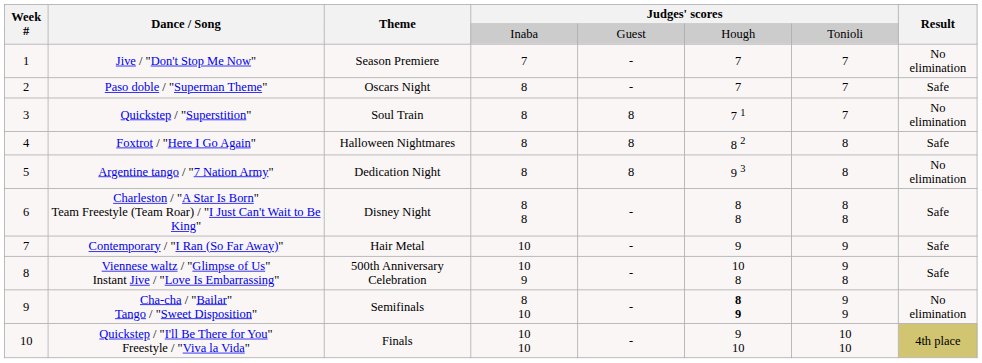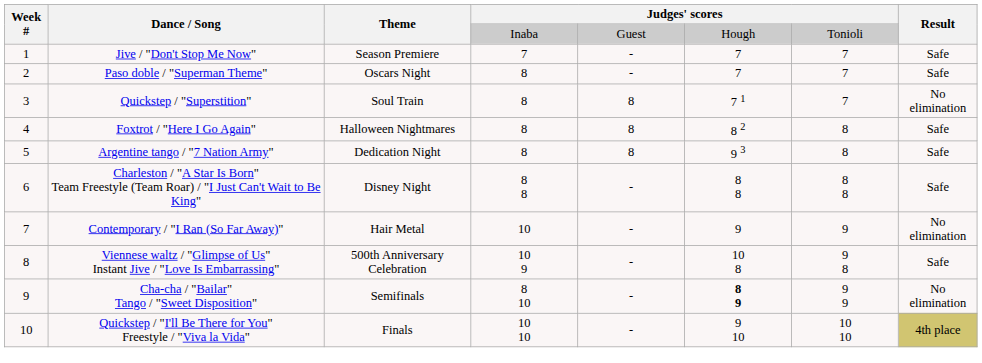 <table class="wikitable collapsible" style="text-align:center;">
 <tr style="text-align:center;">
 <th rowspan="2" bgcolor="#CCCCCC" align="Center">Week #</th>
 <th rowspan="2" bgcolor="#CCCCCC" align="Center">Dance / Song</th>
 <th rowspan="2" bgcolor="#CCCCCC" align="Center">Theme</th>
 <th colspan="4" bgcolor="#CCCCCC" align="Center">Judges' scores</th>
 <th rowspan="2" bgcolor="#CCCCCC" align="Center">Result</th>
 </tr>
 <tr>
 <td bgcolor="#CCCCCC" width="11%" align="center">Inaba</td>
 <td bgcolor="#CCCCCC" width="11%" align="center">Guest</td>
 <td bgcolor="#CCCCCC" width="11%" align="center">Hough</td>
 <td bgcolor="#CCCCCC" width="11%" align="center">Tonioli</td>
 </tr>
 <tr>
 <td bgcolor="FAF6F6">1</td>
 <td align="center" bgcolor="FAF6F6"><a href='#'>Jive</a> / "<a href='#'>Don't Stop Me Now</a>"</td>
 <td bgcolor="FAF6F6">Season Premiere</td>
 <td bgcolor="FAF6F6">7</td>
 <td bgcolor="FAF6F6">-</td>
 <td bgcolor="FAF6F6">7</td>
 <td bgcolor="FAF6F6">7</td>
-<td bgcolor="FAF6F6">No elimination</td>
+<td bgcolor="FAF6F6">Safe</td>
 </tr>
 <tr>
 <td bgcolor="FAF6F6">2</td>
 <td align="center" bgcolor="FAF6F6"><a href='#'>Paso doble</a> / "<a href='#'>Superman Theme</a>"</td>
 <td bgcolor="FAF6F6">Oscars Night</td>
 <td bgcolor="FAF6F6">8</td>
 <td bgcolor="FAF6F6">-</td>
 <td bgcolor="FAF6F6">7</td>
 <td bgcolor="FAF6F6">7</td>
 <td bgcolor="FAF6F6">Safe</td>
 </tr>
 <tr>
 <td bgcolor="FAF6F6">3</td>
 <td align="center" bgcolor="FAF6F6"><a href='#'>Quickstep</a> / "<a href='#'>Superstition</a>"</td>
 <td bgcolor="FAF6F6">Soul Train</td>
 <td bgcolor="FAF6F6">8</td>
 <td bgcolor="FAF6F6">8</td>
 <td bgcolor="FAF6F6">7 <sup>1</sup></td>
 <td bgcolor="FAF6F6">7</td>
 <td bgcolor="FAF6F6">No elimination</td>
 </tr>
 <tr>
 <td bgcolor="FAF6F6">4</td>
 <td align="center" bgcolor="FAF6F6"><a href='#'>Foxtrot</a> / "<a href='#'>Here I Go Again</a>"</td>
 <td bgcolor="FAF6F6">Halloween Nightmares</td>
 <td bgcolor="FAF6F6">8</td>
 <td bgcolor="FAF6F6">8</td>
 <td bgcolor="FAF6F6">8 <sup>2</sup></td>
 <td bgcolor="FAF6F6">8</td>
 <td bgcolor="FAF6F6">Safe</td>
 </tr>
 <tr>
 <td bgcolor="FAF6F6">5</td>
 <td align="center" bgcolor="FAF6F6"><a href='#'>Argentine tango</a> / "<a href='#'>7 Nation Army</a>"</td>
 <td bgcolor="FAF6F6">Dedication Night</td>
 <td bgcolor="FAF6F6">8</td>
 <td bgcolor="FAF6F6">8</td>
 <td bgcolor="FAF6F6">9 <sup>3</sup></td>
 <td bgcolor="FAF6F6">8</td>
-<td bgcolor="FAF6F6">No elimination</td>
+<td bgcolor="FAF6F6">Safe</td>
 </tr>
 <tr>
 <td bgcolor="FAF6F6">6</td>
 <td align="center" bgcolor="FAF6F6"><a href='#'>Charleston</a> / "<a href='#'>A Star Is Born</a>"<br>Team Freestyle (Team Roar) / "<a href='#'>I Just Can't Wait to Be King</a>"</td>
 <td bgcolor="FAF6F6">Disney Night</td>
 <td bgcolor="FAF6F6">8<br>8</td>
 <td bgcolor="FAF6F6">-</td>
 <td bgcolor="FAF6F6">8<br>8</td>
 <td bgcolor="FAF6F6">8<br>8</td>
 <td bgcolor="FAF6F6">Safe</td>
 </tr>
 <tr>
 <td bgcolor="FAF6F6">7</td>
 <td align="center" bgcolor="FAF6F6"><a href='#'>Contemporary</a> / "<a href='#'>I Ran (So Far Away)</a>"</td>
 <td bgcolor="FAF6F6">Hair Metal</td>
 <td bgcolor="FAF6F6">10</td>
 <td bgcolor="FAF6F6">-</td>
 <td bgcolor="FAF6F6">9</td>
 <td bgcolor="FAF6F6">9</td>
-<td bgcolor="FAF6F6">Safe</td>
+<td bgcolor="FAF6F6">No elimination</td>
 </tr>
 <tr>
 <td bgcolor="FAF6F6">8</td>
 <td align="center" bgcolor="FAF6F6"><a href='#'>Viennese waltz</a> / "<a href='#'>Glimpse of Us</a>"<br>Instant <a href='#'>Jive</a> / "<a href='#'>Love Is Embarrassing</a>"</td>
 <td bgcolor="FAF6F6">500th Anniversary Celebration</td>
 <td bgcolor="FAF6F6">10<br>9</td>
 <td bgcolor="FAF6F6">-</td>
 <td bgcolor="FAF6F6">10<br>8</td>
 <td bgcolor="FAF6F6">9<br>8</td>
 <td bgcolor="FAF6F6">Safe</td>
 </tr>
 <tr>
 <td bgcolor="FAF6F6">9<br></td>
 <td align="center" bgcolor="FAF6F6"><a href='#'>Cha-cha</a> / "<a href='#'>Bailar</a>"<br><a href='#'>Tango</a> / "<a href='#'>Sweet Disposition</a>"</td>
 <td bgcolor="FAF6F6">Semifinals</td>
 <td bgcolor="FAF6F6">8<br>10</td>
 <td bgcolor="FAF6F6">-</td>
 <td bgcolor="FAF6F6"><strong>8<br>9</strong></td>
 <td bgcolor="FAF6F6">9<br>9</td>
 <td bgcolor="FAF6F6">No elimination</td>
 </tr>
 <tr>
 <td bgcolor="FAF6F6">10<br></td>
 <td align="center" bgcolor="FAF6F6"><a href='#'>Quickstep</a> / "<a href='#'>I'll Be There for You</a>"<br> Freestyle / "<a href='#'>Viva la Vida</a>"</td>
 <td bgcolor="FAF6F6">Finals</td>
 <td bgcolor="FAF6F6">10<br>10</td>
 <td bgcolor="FAF6F6">-</td>
 <td bgcolor="FAF6F6">9<br>10</td>
 <td bgcolor="FAF6F6">10<br>10</td>
 <td bgcolor="D1C571">4th place</td>
 </tr>
 </table>
